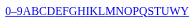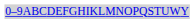 <table id="toc" class="toc" summary="Class">
 <tr>
 <th></th>
 </tr>
 <tr>
-<td style="text-align:center;"><a href='#'>0–9</a><a href='#'>A</a><a href='#'>B</a><a href='#'>C</a><a href='#'>D</a><a href='#'>E</a><a href='#'>F</a><a href='#'>G</a><a href='#'>H</a><a href='#'>I</a><a href='#'>K</a><a href='#'>L</a><a href='#'>M</a><a href='#'>N</a><a href='#'>O</a><a href='#'>P</a><a href='#'>Q</a><a href='#'>S</a><a href='#'>T</a><a href='#'>U</a><a href='#'>W</a><a href='#'>Y</a></td>
+<td style="background: lightgrey; text-align:center;"><a href='#'>0–9</a><a href='#'>A</a><a href='#'>B</a><a href='#'>C</a><a href='#'>D</a><a href='#'>E</a><a href='#'>F</a><a href='#'>G</a><a href='#'>H</a><a href='#'>I</a><a href='#'>K</a><a href='#'>L</a><a href='#'>M</a><a href='#'>N</a><a href='#'>O</a><a href='#'>P</a><a href='#'>Q</a><a href='#'>S</a><a href='#'>T</a><a href='#'>U</a><a href='#'>W</a><a href='#'>Y</a></td>
 </tr>
 </table>
